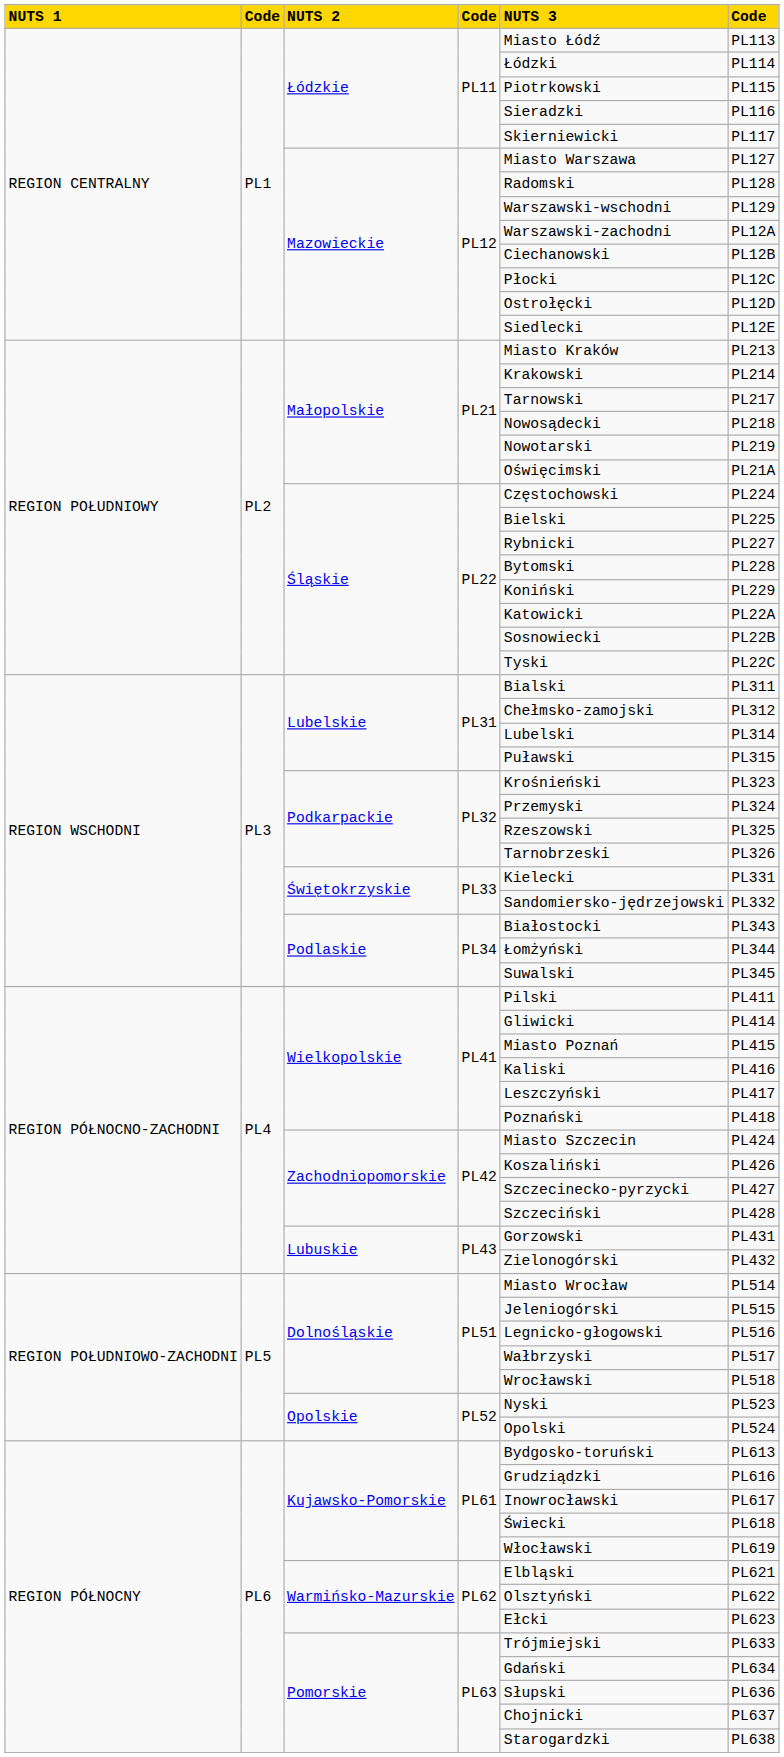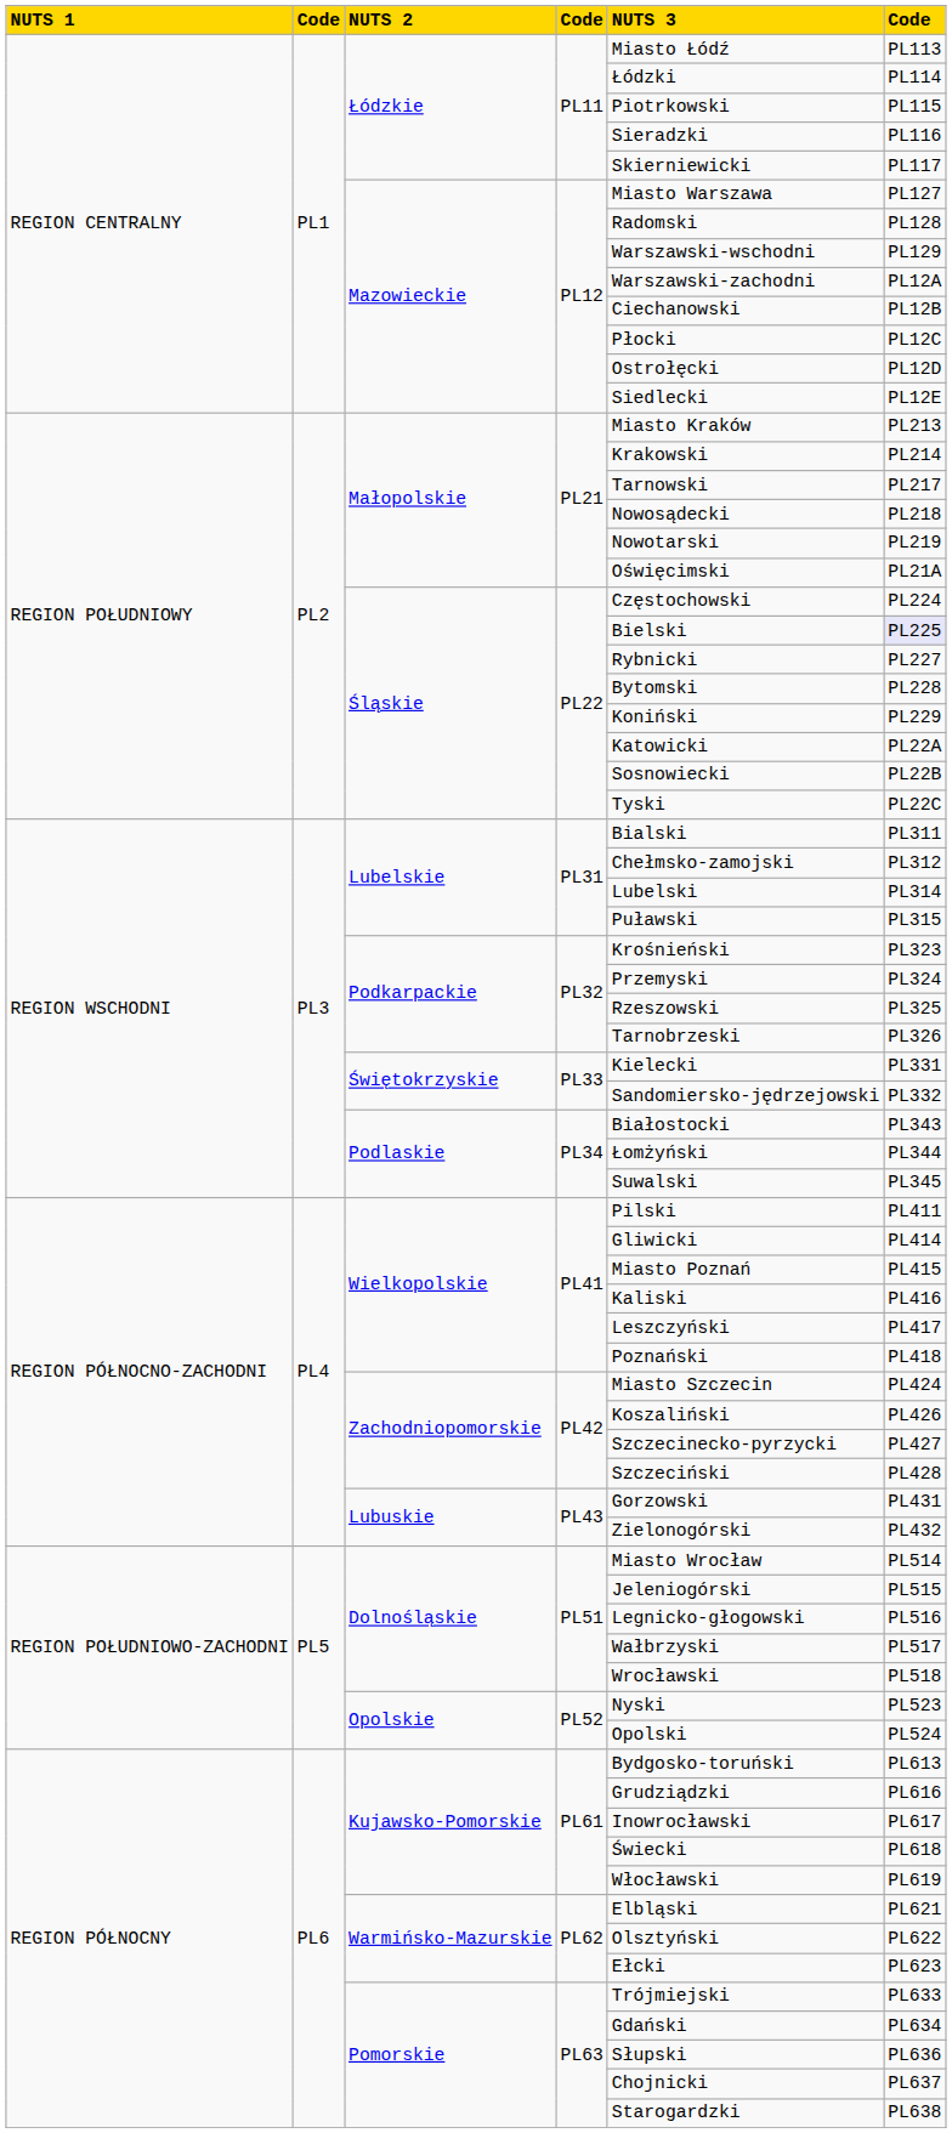 <table class="wikitable" style="margin:1em auto;">
 <tr>
 <th style="background-color:#ffd700;text-align:left;">NUTS 1</th>
 <th style="background-color:#ffd700;text-align:left;">Code</th>
 <th style="background-color:#ffd700;text-align:left;">NUTS 2</th>
 <th style="background-color:#ffd700;text-align:left;">Code</th>
 <th style="background-color:#ffd700;text-align:left;">NUTS 3</th>
 <th style="background-color:#ffd700;text-align:left;">Code</th>
 </tr>
 <tr>
 <td rowspan=13>REGION CENTRALNY</td>
 <td rowspan=13>PL1</td>
 <td rowspan=5><a href='#'>Łódzkie</a></td>
 <td rowspan=5>PL11</td>
 <td>Miasto Łódź</td>
 <td>PL113</td>
 </tr>
 <tr>
 <td>Łódzki</td>
 <td>PL114</td>
 </tr>
 <tr>
 <td>Piotrkowski</td>
 <td>PL115</td>
 </tr>
 <tr>
 <td>Sieradzki</td>
 <td>PL116</td>
 </tr>
 <tr>
 <td>Skierniewicki</td>
 <td>PL117</td>
 </tr>
 <tr>
 <td rowspan=8><a href='#'>Mazowieckie</a></td>
 <td rowspan=8>PL12</td>
 <td>Miasto Warszawa</td>
 <td>PL127</td>
 </tr>
 <tr>
 <td>Radomski</td>
 <td>PL128</td>
 </tr>
 <tr>
 <td>Warszawski-wschodni</td>
 <td>PL129</td>
 </tr>
 <tr>
 <td>Warszawski-zachodni</td>
 <td>PL12A</td>
 </tr>
 <tr>
 <td>Ciechanowski</td>
 <td>PL12B</td>
 </tr>
 <tr>
 <td>Płocki</td>
 <td>PL12C</td>
 </tr>
 <tr>
 <td>Ostrołęcki</td>
 <td>PL12D</td>
 </tr>
 <tr>
 <td>Siedlecki</td>
 <td>PL12E</td>
 </tr>
 <tr>
 <td rowspan=14>REGION POŁUDNIOWY</td>
 <td rowspan=14>PL2</td>
 <td rowspan=6><a href='#'>Małopolskie</a></td>
 <td rowspan=6>PL21</td>
 <td>Miasto Kraków</td>
 <td>PL213</td>
 </tr>
 <tr>
 <td>Krakowski</td>
 <td>PL214</td>
 </tr>
 <tr>
 <td>Tarnowski</td>
 <td>PL217</td>
 </tr>
 <tr>
 <td>Nowosądecki</td>
 <td>PL218</td>
 </tr>
 <tr>
 <td>Nowotarski</td>
 <td>PL219</td>
 </tr>
 <tr>
 <td>Oświęcimski</td>
 <td>PL21A</td>
 </tr>
 <tr>
 <td rowspan=8><a href='#'>Śląskie</a></td>
 <td rowspan=8>PL22</td>
 <td>Częstochowski</td>
 <td>PL224</td>
 </tr>
 <tr>
 <td>Bielski</td>
-<td>PL225</td>
+<td style="background: lavender;">PL225</td>
 </tr>
 <tr>
 <td>Rybnicki</td>
 <td>PL227</td>
 </tr>
 <tr>
 <td>Bytomski</td>
 <td>PL228</td>
 </tr>
 <tr>
 <td>Koniński</td>
 <td>PL229</td>
 </tr>
 <tr>
 <td>Katowicki</td>
 <td>PL22A</td>
 </tr>
 <tr>
 <td>Sosnowiecki</td>
 <td>PL22B</td>
 </tr>
 <tr>
 <td>Tyski</td>
 <td>PL22C</td>
 </tr>
 <tr>
 <td rowspan=13>REGION WSCHODNI</td>
 <td rowspan=13>PL3</td>
 <td rowspan=4><a href='#'>Lubelskie</a></td>
 <td rowspan=4>PL31</td>
 <td>Bialski</td>
 <td>PL311</td>
 </tr>
 <tr>
 <td>Chełmsko-zamojski</td>
 <td>PL312</td>
 </tr>
 <tr>
 <td>Lubelski</td>
 <td>PL314</td>
 </tr>
 <tr>
 <td>Puławski</td>
 <td>PL315</td>
 </tr>
 <tr>
 <td rowspan=4><a href='#'>Podkarpackie</a></td>
 <td rowspan=4>PL32</td>
 <td>Krośnieński</td>
 <td>PL323</td>
 </tr>
 <tr>
 <td>Przemyski</td>
 <td>PL324</td>
 </tr>
 <tr>
 <td>Rzeszowski</td>
 <td>PL325</td>
 </tr>
 <tr>
 <td>Tarnobrzeski</td>
 <td>PL326</td>
 </tr>
 <tr>
 <td rowspan=2><a href='#'>Świętokrzyskie</a></td>
 <td rowspan=2>PL33</td>
 <td>Kielecki</td>
 <td>PL331</td>
 </tr>
 <tr>
 <td>Sandomiersko-jędrzejowski</td>
 <td>PL332</td>
 </tr>
 <tr>
 <td rowspan=3><a href='#'>Podlaskie</a></td>
 <td rowspan=3>PL34</td>
 <td>Białostocki</td>
 <td>PL343</td>
 </tr>
 <tr>
 <td>Łomżyński</td>
 <td>PL344</td>
 </tr>
 <tr>
 <td>Suwalski</td>
 <td>PL345</td>
 </tr>
 <tr>
 <td rowspan=12>REGION PÓŁNOCNO-ZACHODNI</td>
 <td rowspan=12>PL4</td>
 <td rowspan=6><a href='#'>Wielkopolskie</a></td>
 <td rowspan=6>PL41</td>
 <td>Pilski</td>
 <td>PL411</td>
 </tr>
 <tr>
 <td>Gliwicki</td>
 <td>PL414</td>
 </tr>
 <tr>
 <td>Miasto Poznań</td>
 <td>PL415</td>
 </tr>
 <tr>
 <td>Kaliski</td>
 <td>PL416</td>
 </tr>
 <tr>
 <td>Leszczyński</td>
 <td>PL417</td>
 </tr>
 <tr>
 <td>Poznański</td>
 <td>PL418</td>
 </tr>
 <tr>
 <td rowspan=4><a href='#'>Zachodniopomorskie</a></td>
 <td rowspan=4>PL42</td>
 <td>Miasto Szczecin</td>
 <td>PL424</td>
 </tr>
 <tr>
 <td>Koszaliński</td>
 <td>PL426</td>
 </tr>
 <tr>
 <td>Szczecinecko-pyrzycki</td>
 <td>PL427</td>
 </tr>
 <tr>
 <td>Szczeciński</td>
 <td>PL428</td>
 </tr>
 <tr>
 <td rowspan=2><a href='#'>Lubuskie</a></td>
 <td rowspan=2>PL43</td>
 <td>Gorzowski</td>
 <td>PL431</td>
 </tr>
 <tr>
 <td>Zielonogórski</td>
 <td>PL432</td>
 </tr>
 <tr>
 <td rowspan=7>REGION POŁUDNIOWO-ZACHODNI</td>
 <td rowspan=7>PL5</td>
 <td rowspan=5><a href='#'>Dolnośląskie</a></td>
 <td rowspan=5>PL51</td>
 <td>Miasto Wrocław</td>
 <td>PL514</td>
 </tr>
 <tr>
 <td>Jeleniogórski</td>
 <td>PL515</td>
 </tr>
 <tr>
 <td>Legnicko-głogowski</td>
 <td>PL516</td>
 </tr>
 <tr>
 <td>Wałbrzyski</td>
 <td>PL517</td>
 </tr>
 <tr>
 <td>Wrocławski</td>
 <td>PL518</td>
 </tr>
 <tr>
 <td rowspan=2><a href='#'>Opolskie</a></td>
 <td rowspan=2>PL52</td>
 <td>Nyski</td>
 <td>PL523</td>
 </tr>
 <tr>
 <td>Opolski</td>
 <td>PL524</td>
 </tr>
 <tr>
 <td rowspan=13>REGION PÓŁNOCNY</td>
 <td rowspan=13>PL6</td>
 <td rowspan=5><a href='#'>Kujawsko-Pomorskie</a></td>
 <td rowspan=5>PL61</td>
 <td>Bydgosko-toruński</td>
 <td>PL613</td>
 </tr>
 <tr>
 <td>Grudziądzki</td>
 <td>PL616</td>
 </tr>
 <tr>
 <td>Inowrocławski</td>
 <td>PL617</td>
 </tr>
 <tr>
 <td>Świecki</td>
 <td>PL618</td>
 </tr>
 <tr>
 <td>Włocławski</td>
 <td>PL619</td>
 </tr>
 <tr>
 <td rowspan=3><a href='#'>Warmińsko-Mazurskie</a></td>
 <td rowspan=3>PL62</td>
 <td>Elbląski</td>
 <td>PL621</td>
 </tr>
 <tr>
 <td>Olsztyński</td>
 <td>PL622</td>
 </tr>
 <tr>
 <td>Ełcki</td>
 <td>PL623</td>
 </tr>
 <tr>
 <td rowspan=5><a href='#'>Pomorskie</a></td>
 <td rowspan=5>PL63</td>
 <td>Trójmiejski</td>
 <td>PL633</td>
 </tr>
 <tr>
 <td>Gdański</td>
 <td>PL634</td>
 </tr>
 <tr>
 <td>Słupski</td>
 <td>PL636</td>
 </tr>
 <tr>
 <td>Chojnicki</td>
 <td>PL637</td>
 </tr>
 <tr>
 <td>Starogardzki</td>
 <td>PL638</td>
 </tr>
 </table>
